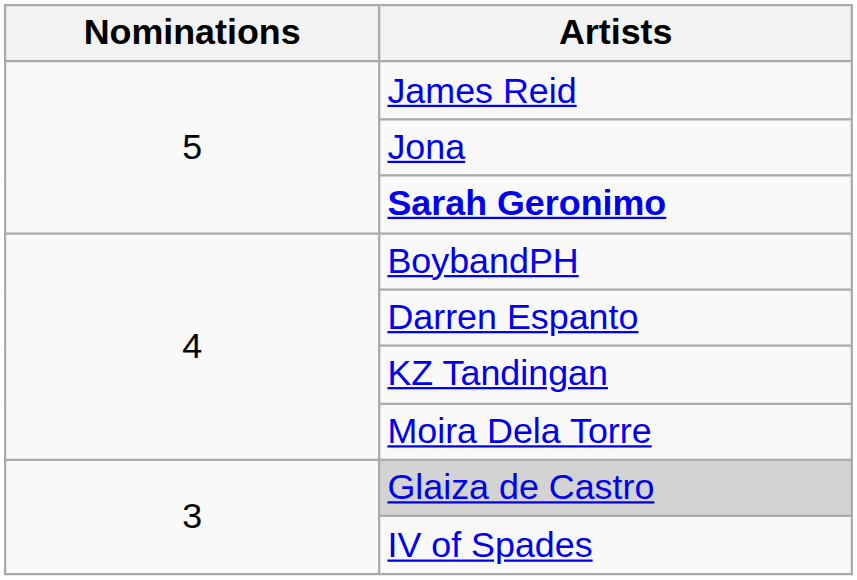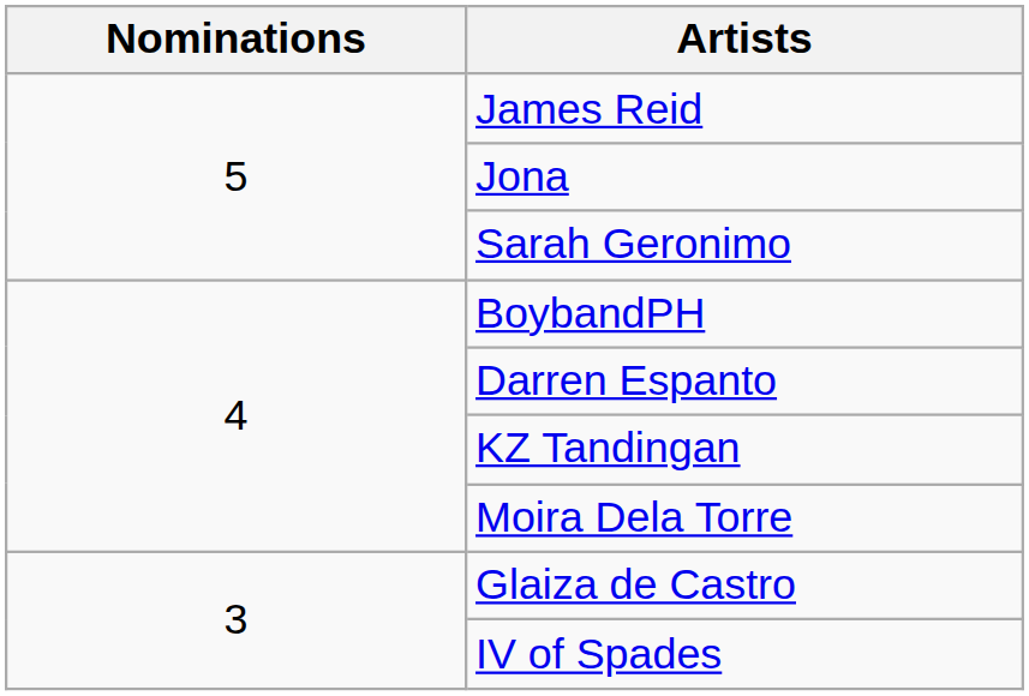 <table class="wikitable"  style="width:30%;">
 <tr>
 <th scope="col">Nominations</th>
 <th scope="col">Artists</th>
 </tr>
 <tr>
 <td rowspan="3" align=center>5</td>
 <td><a href='#'>James Reid</a></td>
 </tr>
 <tr>
 <td><a href='#'>Jona</a></td>
 </tr>
 <tr>
-<td><strong><a href='#'>Sarah Geronimo</a></strong></td>
+<td><a href='#'>Sarah Geronimo</a></td>
 </tr>
 <tr>
 <td rowspan="4" align=center>4</td>
 <td><a href='#'>BoybandPH</a></td>
 </tr>
 <tr>
 <td><a href='#'>Darren Espanto</a></td>
 </tr>
 <tr>
 <td><a href='#'>KZ Tandingan</a></td>
 </tr>
 <tr>
 <td><a href='#'>Moira Dela Torre</a></td>
 </tr>
 <tr>
 <td rowspan="2" align=center>3</td>
-<td style="background: lightgrey;"><a href='#'>Glaiza de Castro</a></td>
+<td><a href='#'>Glaiza de Castro</a></td>
 </tr>
 <tr>
 <td><a href='#'>IV of Spades</a></td>
 </tr>
 </table>
